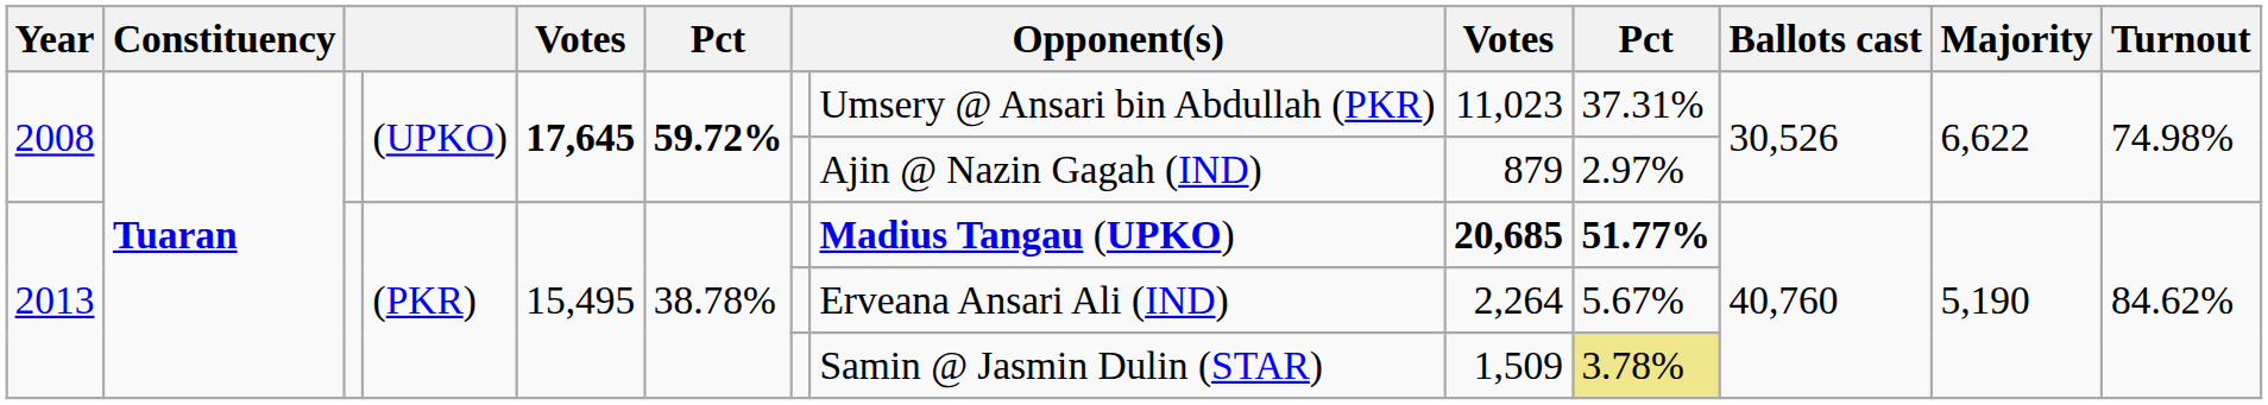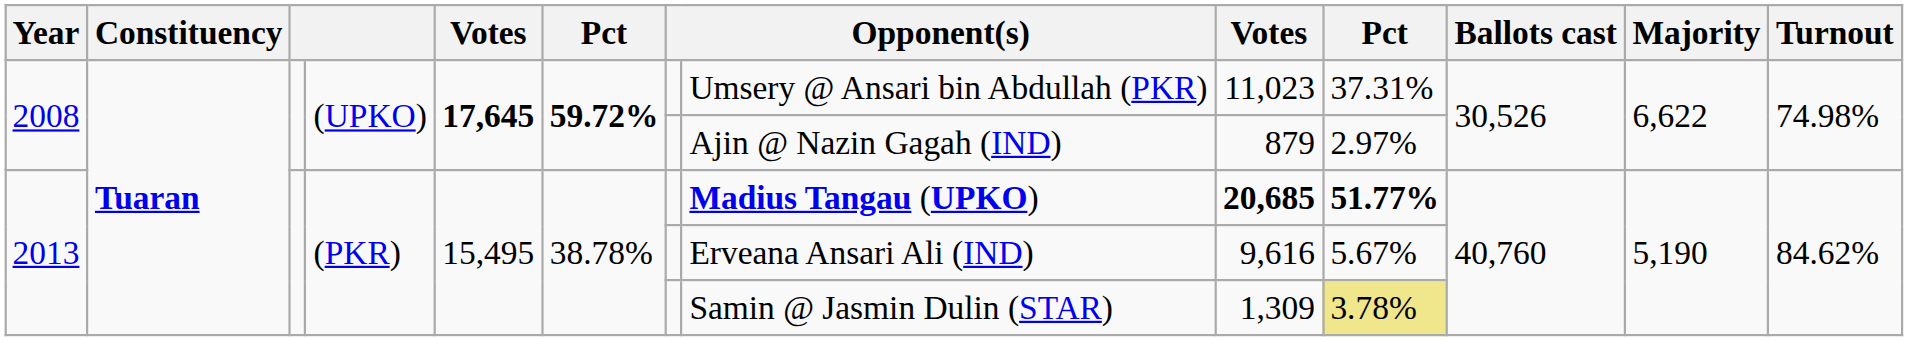 <table class="wikitable" style="margin:0.5em ; font-size:95%">
 <tr>
 <th>Year</th>
 <th>Constituency</th>
 <th colspan=2></th>
 <th>Votes</th>
 <th>Pct</th>
 <th colspan=2>Opponent(s)</th>
 <th>Votes</th>
 <th>Pct</th>
 <th>Ballots cast</th>
 <th>Majority</th>
 <th>Turnout</th>
 </tr>
 <tr>
 <td rowspan=2><a href='#'>2008</a></td>
 <td rowspan=5><strong><a href='#'>Tuaran</a></strong></td>
 <td rowspan=2 ></td>
 <td rowspan=2> (<a href='#'>UPKO</a>)</td>
 <td rowspan=2 align="right"><strong>17,645</strong></td>
 <td rowspan=2><strong>59.72%</strong></td>
 <td></td>
 <td>Umsery @ Ansari bin Abdullah (<a href='#'>PKR</a>)</td>
 <td align="right">11,023</td>
 <td>37.31%</td>
 <td rowspan=2>30,526</td>
 <td rowspan=2>6,622</td>
 <td rowspan=2>74.98%</td>
 </tr>
 <tr>
 <td></td>
 <td>Ajin @ Nazin Gagah (<a href='#'>IND</a>)</td>
 <td align="right">879</td>
 <td>2.97%</td>
 </tr>
 <tr>
 <td rowspan=3><a href='#'>2013</a></td>
 <td rowspan=3 ></td>
 <td rowspan=3> (<a href='#'>PKR</a>)</td>
 <td rowspan=3 align="right">15,495</td>
 <td rowspan=3>38.78%</td>
 <td></td>
 <td><strong><a href='#'>Madius Tangau</a></strong> (<a href='#'><strong>UPKO</strong></a>)</td>
 <td align="right"><strong>20,685</strong></td>
 <td><strong>51.77%</strong></td>
 <td rowspan=3>40,760</td>
 <td rowspan=3>5,190</td>
 <td rowspan=3>84.62%</td>
 </tr>
 <tr>
 <td></td>
 <td>Erveana Ansari Ali (<a href='#'>IND</a>)</td>
-<td align="right">2,264</td>
+<td align="right">9,616</td>
 <td>5.67%</td>
 </tr>
 <tr>
 <td></td>
 <td>Samin @ Jasmin Dulin (<a href='#'>STAR</a>)</td>
-<td align="right">1,509</td>
+<td align="right">1,309</td>
 <td style="background: khaki;">3.78%</td>
 </tr>
 </table>
